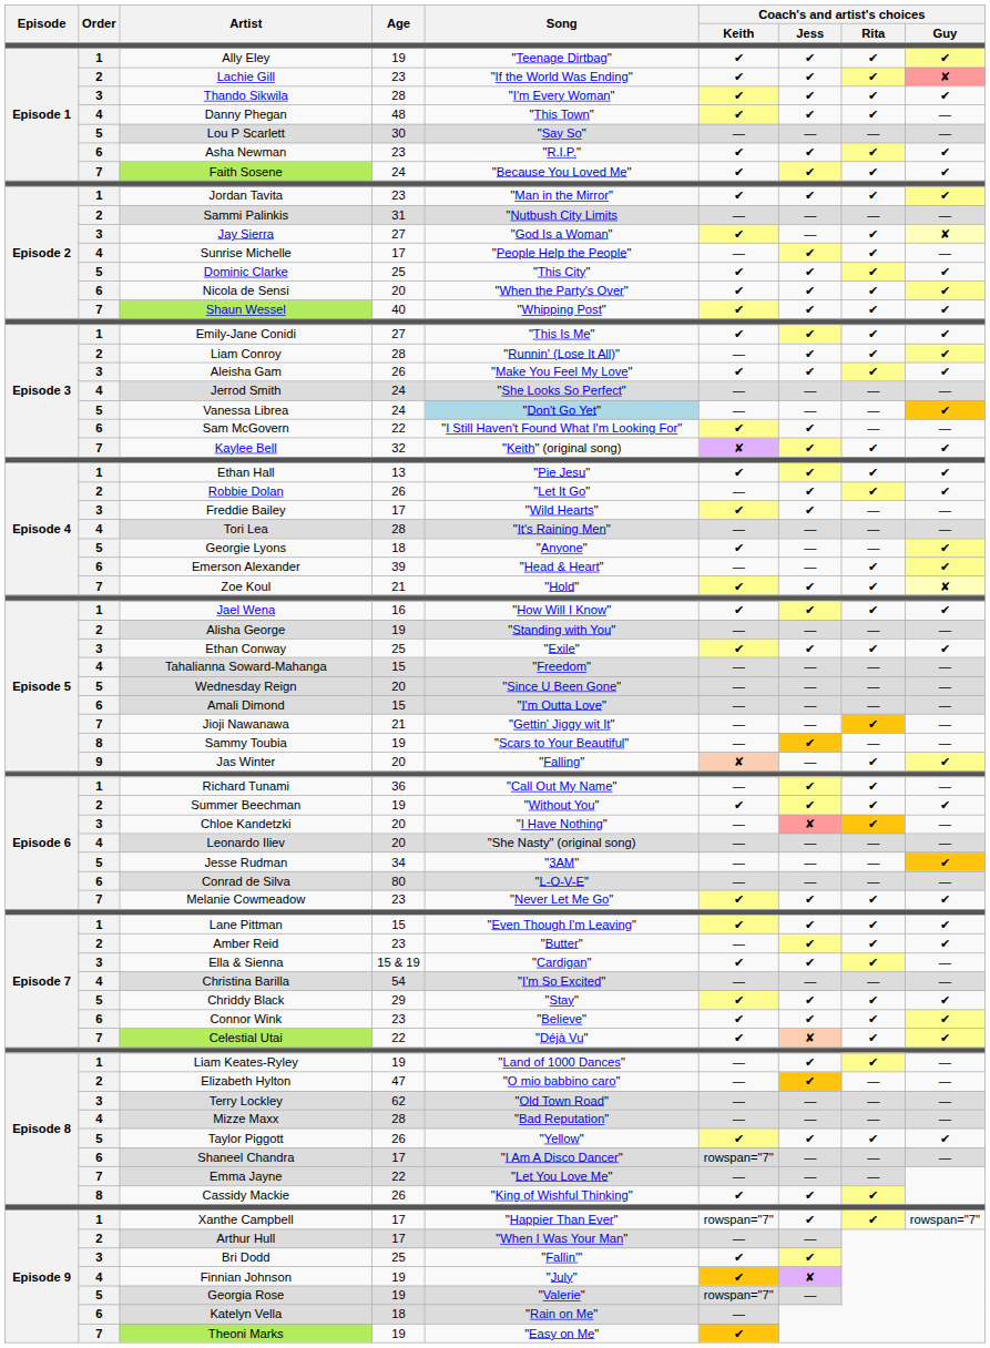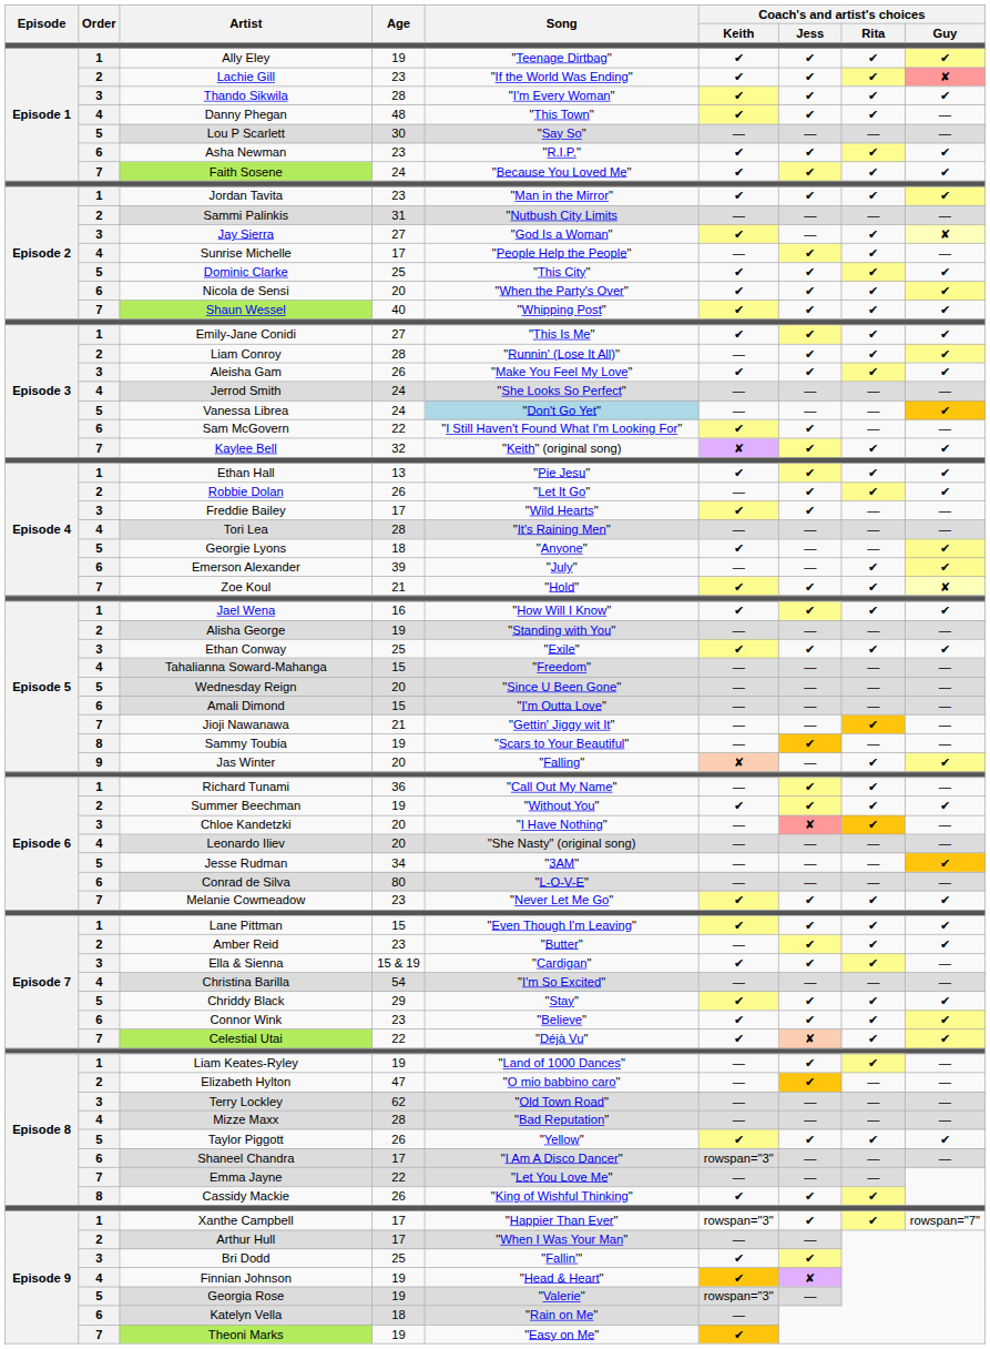 <table class="wikitable" style="text-align:center; line-height:17px; width:100%">
 <tr>
 <th rowspan="2" scope="col" style="width:07%">Episode</th>
 <th rowspan="2" scope="col" style="width:02%">Order</th>
 <th rowspan="2" scope="col" style="width:24%">Artist</th>
 <th rowspan="2" scope="col" style="width:05%">Age</th>
 <th rowspan="2" scope="col" style="width:26%">Song</th>
 <th colspan="4" scope="col" style="width:40%">Coach's and artist's choices</th>
 </tr>
 <tr>
 <th style="width:06%">Keith</th>
 <th style="width:06%">Jess</th>
 <th style="width:06%">Rita</th>
 <th style="width:06%">Guy</th>
 </tr>
 <tr>
 <td colspan="9" style="background:#555"></td>
 </tr>
 <tr>
 <th scope="row" rowspan="7">Episode 1<br></th>
 <th>1</th>
 <td>Ally Eley</td>
 <td>19</td>
 <td>"<a href='#'>Teenage Dirtbag</a>"</td>
 <td>✔</td>
 <td>✔</td>
 <td>✔</td>
 <td style="background:#FDFC8F">✔</td>
 </tr>
 <tr>
 <th>2</th>
 <td><a href='#'>Lachie Gill</a></td>
 <td>23</td>
 <td>"<a href='#'>If the World Was Ending</a>"</td>
 <td>✔</td>
 <td>✔</td>
 <td style="background:#FDFC8F">✔</td>
 <td style="background:#FF9999">✘</td>
 </tr>
 <tr>
 <th>3</th>
 <td><a href='#'>Thando Sikwila</a></td>
 <td>28</td>
 <td>"<a href='#'>I'm Every Woman</a>"</td>
 <td style="background:#FDFC8F">✔</td>
 <td>✔</td>
 <td>✔</td>
 <td>✔</td>
 </tr>
 <tr>
 <th>4</th>
 <td>Danny Phegan</td>
 <td>48</td>
 <td>"<a href='#'>This Town</a>"</td>
 <td style="background:#FDFC8F">✔</td>
 <td>✔</td>
 <td>✔</td>
 <td>—</td>
 </tr>
 <tr style="background:#DCDCDC">
 <th>5</th>
 <td>Lou P Scarlett</td>
 <td>30</td>
 <td>"<a href='#'>Say So</a>"</td>
 <td>—</td>
 <td>—</td>
 <td>—</td>
 <td>—</td>
 </tr>
 <tr>
 <th>6</th>
 <td>Asha Newman</td>
 <td>23</td>
 <td>"<a href='#'>R.I.P.</a>"</td>
 <td>✔</td>
 <td>✔</td>
 <td style="background:#FDFC8F">✔</td>
 <td>✔</td>
 </tr>
 <tr>
 <th>7</th>
 <td style="background:#B2EC5D">Faith Sosene</td>
 <td>24</td>
 <td>"<a href='#'>Because You Loved Me</a>"</td>
 <td>✔</td>
 <td style="background:#FDFC8F">✔</td>
 <td>✔</td>
 <td>✔</td>
 </tr>
 <tr>
 <td colspan="9" style="background:#555"></td>
 </tr>
 <tr>
 <th rowspan="7" scope="row">Episode 2<br></th>
 <th>1</th>
 <td>Jordan Tavita</td>
 <td>23</td>
 <td>"<a href='#'>Man in the Mirror</a>"</td>
 <td>✔</td>
 <td>✔</td>
 <td>✔</td>
 <td style="background:#FDFC8F">✔</td>
 </tr>
 <tr style="background:#DCDCDC">
 <th>2</th>
 <td>Sammi Palinkis</td>
 <td>31</td>
 <td>"<a href='#'>Nutbush City Limits</a></td>
 <td>—</td>
 <td>—</td>
 <td>—</td>
 <td>—</td>
 </tr>
 <tr>
 <th>3</th>
 <td><a href='#'>Jay Sierra</a></td>
 <td>27</td>
 <td>"<a href='#'>God Is a Woman</a>"</td>
 <td style="background:#FDFC8F">✔</td>
 <td>—</td>
 <td>✔</td>
 <td style="background:#ffffbc">✘</td>
 </tr>
 <tr>
 <th>4</th>
 <td>Sunrise Michelle</td>
 <td>17</td>
 <td>"<a href='#'>People Help the People</a>"</td>
 <td>—</td>
 <td style="background:#FDFC8F">✔</td>
 <td>✔</td>
 <td>—</td>
 </tr>
 <tr>
 <th>5</th>
 <td><a href='#'>Dominic Clarke</a></td>
 <td>25</td>
 <td>"<a href='#'>This City</a>"</td>
 <td>✔</td>
 <td>✔</td>
 <td style="background:#FDFC8F">✔</td>
 <td>✔</td>
 </tr>
 <tr>
 <th>6</th>
 <td>Nicola de Sensi</td>
 <td>20</td>
 <td>"<a href='#'>When the Party's Over</a>"</td>
 <td>✔</td>
 <td>✔</td>
 <td>✔</td>
 <td style="background:#FDFC8F">✔</td>
 </tr>
 <tr>
 <th>7</th>
 <td style="background:#B2EC5D"><a href='#'>Shaun Wessel</a></td>
 <td>40</td>
 <td>"<a href='#'>Whipping Post</a>"</td>
 <td style="background:#FDFC8F">✔</td>
 <td>✔</td>
 <td>✔</td>
 <td>✔</td>
 </tr>
 <tr>
 <td colspan="9" style="background:#555"></td>
 </tr>
 <tr>
 <th scope="row" rowspan="7">Episode 3<br></th>
 <th>1</th>
 <td>Emily-Jane Conidi</td>
 <td>27</td>
 <td>"<a href='#'>This Is Me</a>"</td>
 <td>✔</td>
 <td style="background:#FDFC8F">✔</td>
 <td>✔</td>
 <td>✔</td>
 </tr>
 <tr>
 <th>2</th>
 <td>Liam Conroy</td>
 <td>28</td>
 <td>"<a href='#'>Runnin' (Lose It All)</a>"</td>
 <td>—</td>
 <td>✔</td>
 <td>✔</td>
 <td style="background:#FDFC8F">✔</td>
 </tr>
 <tr>
 <th>3</th>
 <td>Aleisha Gam</td>
 <td>26</td>
 <td>"<a href='#'>Make You Feel My Love</a>"</td>
 <td>✔</td>
 <td>✔</td>
 <td style="background:#FDFC8F">✔</td>
 <td>✔</td>
 </tr>
 <tr style="background:#DCDCDC">
 <th>4</th>
 <td>Jerrod Smith</td>
 <td>24</td>
 <td>"<a href='#'>She Looks So Perfect</a>"</td>
 <td>—</td>
 <td>—</td>
 <td>—</td>
 <td>—</td>
 </tr>
 <tr>
 <th>5</th>
 <td>Vanessa Librea</td>
 <td>24</td>
 <td style="background: lightblue;">"<a href='#'>Don't Go Yet</a>"</td>
 <td>—</td>
 <td>—</td>
 <td>—</td>
 <td style="background:#FFC40C">✔</td>
 </tr>
 <tr>
 <th>6</th>
 <td>Sam McGovern</td>
 <td>22</td>
 <td>"<a href='#'>I Still Haven't Found What I'm Looking For</a>"</td>
 <td style="background:#FDFC8F">✔</td>
 <td>✔</td>
 <td>—</td>
 <td>—</td>
 </tr>
 <tr>
 <th>7</th>
 <td><a href='#'>Kaylee Bell</a></td>
 <td>32</td>
 <td>"<a href='#'>Keith</a>" (original song)</td>
 <td style="background:#E0B0FF">✘</td>
 <td style="background:#FDFC8F">✔</td>
 <td>✔</td>
 <td>✔</td>
 </tr>
 <tr>
 <td colspan="9" style="background:#555"></td>
 </tr>
 <tr>
 <th rowspan="7" scope="row">Episode 4<br></th>
 <th>1</th>
 <td>Ethan Hall</td>
 <td>13</td>
 <td>"<a href='#'>Pie Jesu</a>"</td>
 <td>✔</td>
 <td style="background:#FDFC8F">✔</td>
 <td>✔</td>
 <td>✔</td>
 </tr>
 <tr>
 <th>2</th>
 <td><a href='#'>Robbie Dolan</a></td>
 <td>26</td>
 <td>"<a href='#'>Let It Go</a>"</td>
 <td>—</td>
 <td>✔</td>
 <td style="background:#FDFC8F">✔</td>
 <td>✔</td>
 </tr>
 <tr>
 <th>3</th>
 <td>Freddie Bailey</td>
 <td>17</td>
 <td>"<a href='#'>Wild Hearts</a>"</td>
 <td style="background:#FDFC8F">✔</td>
 <td>✔</td>
 <td>—</td>
 <td>—</td>
 </tr>
 <tr style="background:#DCDCDC">
 <th>4</th>
 <td>Tori Lea</td>
 <td>28</td>
 <td>"<a href='#'>It's Raining Men</a>"</td>
 <td>—</td>
 <td>—</td>
 <td>—</td>
 <td>—</td>
 </tr>
 <tr>
 <th>5</th>
 <td>Georgie Lyons</td>
 <td>18</td>
 <td>"<a href='#'>Anyone</a>"</td>
 <td>✔</td>
 <td>—</td>
 <td>—</td>
 <td style="background:#FDFC8F">✔</td>
 </tr>
 <tr>
 <th>6</th>
 <td>Emerson Alexander</td>
 <td>39</td>
-<td>"<a href='#'>Head & Heart</a>"</td>
+<td>"<a href='#'>July</a>"</td>
 <td>—</td>
 <td>—</td>
 <td>✔</td>
 <td style="background:#FDFC8F">✔</td>
 </tr>
 <tr>
 <th>7</th>
 <td>Zoe Koul</td>
 <td>21</td>
 <td>"<a href='#'>Hold</a>"</td>
 <td style="background:#FDFC8F">✔</td>
 <td>✔</td>
 <td>✔</td>
 <td style="background:#ffffbc">✘</td>
 </tr>
 <tr>
 <td colspan="9" style="background:#555"></td>
 </tr>
 <tr>
 <th rowspan="9" scope="row">Episode 5<br></th>
 <th>1</th>
 <td><a href='#'>Jael Wena</a></td>
 <td>16</td>
 <td>"<a href='#'>How Will I Know</a>"</td>
 <td>✔</td>
 <td style="background:#FDFC8F">✔</td>
 <td>✔</td>
 <td>✔</td>
 </tr>
 <tr style="background:#DCDCDC">
 <th>2</th>
 <td>Alisha George</td>
 <td>19</td>
 <td>"<a href='#'>Standing with You</a>"</td>
 <td>—</td>
 <td>—</td>
 <td>—</td>
 <td>—</td>
 </tr>
 <tr>
 <th>3</th>
 <td>Ethan Conway</td>
 <td>25</td>
 <td>"<a href='#'>Exile</a>"</td>
 <td style="background:#FDFC8F">✔</td>
 <td>✔</td>
 <td>✔</td>
 <td>✔</td>
 </tr>
 <tr style="background:#DCDCDC">
 <th>4</th>
 <td>Tahalianna Soward-Mahanga</td>
 <td>15</td>
 <td>"<a href='#'>Freedom</a>"</td>
 <td>—</td>
 <td>—</td>
 <td>—</td>
 <td>—</td>
 </tr>
 <tr style="background:#DCDCDC">
 <th>5</th>
 <td>Wednesday Reign</td>
 <td>20</td>
 <td>"<a href='#'>Since U Been Gone</a>"</td>
 <td>—</td>
 <td>—</td>
 <td>—</td>
 <td>—</td>
 </tr>
 <tr style="background:#DCDCDC">
 <th>6</th>
 <td>Amali Dimond</td>
 <td>15</td>
 <td>"<a href='#'>I'm Outta Love</a>"</td>
 <td>—</td>
 <td>—</td>
 <td>—</td>
 <td>—</td>
 </tr>
 <tr>
 <th>7</th>
 <td>Jioji Nawanawa</td>
 <td>21</td>
 <td>"<a href='#'>Gettin' Jiggy wit It</a>"</td>
 <td>—</td>
 <td>—</td>
 <td style="background:#FFC40C">✔</td>
 <td>—</td>
 </tr>
 <tr>
 <th>8</th>
 <td>Sammy Toubia</td>
 <td>19</td>
 <td>"<a href='#'>Scars to Your Beautiful</a>"</td>
 <td>—</td>
 <td style="background:#FFC40C">✔</td>
 <td>—</td>
 <td>—</td>
 </tr>
 <tr>
 <th>9</th>
 <td>Jas Winter</td>
 <td>20</td>
 <td>"<a href='#'>Falling</a>"</td>
 <td style="background:#FBCEB1">✘</td>
 <td>—</td>
 <td>✔</td>
 <td style="background:#FDFC8F">✔</td>
 </tr>
 <tr>
 <td colspan="9" style="background:#555"></td>
 </tr>
 <tr>
 <th rowspan="7" scope="row">Episode 6<br></th>
 <th>1</th>
 <td>Richard Tunami</td>
 <td>36</td>
 <td>"<a href='#'>Call Out My Name</a>"</td>
 <td>—</td>
 <td style="background:#FDFC8F">✔</td>
 <td>✔</td>
 <td>—</td>
 </tr>
 <tr>
 <th>2</th>
 <td>Summer Beechman</td>
 <td>19</td>
 <td>"<a href='#'>Without You</a>"</td>
 <td>✔</td>
 <td style="background:#FDFC8F">✔</td>
 <td>✔</td>
 <td>✔</td>
 </tr>
 <tr>
 <th>3</th>
 <td>Chloe Kandetzki</td>
 <td>20</td>
 <td>"<a href='#'>I Have Nothing</a>"</td>
 <td>—</td>
 <td style="background:#FF9999">✘</td>
 <td style="background:#FFC40C">✔</td>
 <td>—</td>
 </tr>
 <tr style="background:#DCDCDC">
 <th>4</th>
 <td>Leonardo Iliev</td>
 <td>20</td>
 <td>"She Nasty" (original song)</td>
 <td>—</td>
 <td>—</td>
 <td>—</td>
 <td>—</td>
 </tr>
 <tr>
 <th>5</th>
 <td>Jesse Rudman</td>
 <td>34</td>
 <td>"<a href='#'>3AM</a>"</td>
 <td>—</td>
 <td>—</td>
 <td>—</td>
 <td style="background:#FFC40C">✔</td>
 </tr>
 <tr style="background:#DCDCDC">
 <th>6</th>
 <td>Conrad de Silva</td>
 <td>80</td>
 <td>"<a href='#'>L-O-V-E</a>"</td>
 <td>—</td>
 <td>—</td>
 <td>—</td>
 <td>—</td>
 </tr>
 <tr>
 <th>7</th>
 <td>Melanie Cowmeadow</td>
 <td>23</td>
 <td>"<a href='#'>Never Let Me Go</a>"</td>
 <td style="background:#FDFC8F">✔</td>
 <td>✔</td>
 <td>✔</td>
 <td>✔</td>
 </tr>
 <tr>
 <td colspan="9" style="background:#555"></td>
 </tr>
 <tr>
 <th rowspan="7" scope="row">Episode 7<br></th>
 <th>1</th>
 <td>Lane Pittman</td>
 <td>15</td>
 <td>"<a href='#'>Even Though I'm Leaving</a>"</td>
 <td style="background:#FDFC8F">✔</td>
 <td>✔</td>
 <td>✔</td>
 <td>✔</td>
 </tr>
 <tr>
 <th>2</th>
 <td>Amber Reid</td>
 <td>23</td>
 <td>"<a href='#'>Butter</a>"</td>
 <td>—</td>
 <td style="background:#FDFC8F">✔</td>
 <td>✔</td>
 <td>✔</td>
 </tr>
 <tr>
 <th>3</th>
 <td>Ella & Sienna</td>
 <td>15 & 19</td>
 <td>"<a href='#'>Cardigan</a>"</td>
 <td>✔</td>
 <td>✔</td>
 <td style="background:#FDFC8F">✔</td>
 <td>—</td>
 </tr>
 <tr style="background:#DCDCDC">
 <th>4</th>
 <td>Christina Barilla</td>
 <td>54</td>
 <td>"<a href='#'>I'm So Excited</a>"</td>
 <td>—</td>
 <td>—</td>
 <td>—</td>
 <td>—</td>
 </tr>
 <tr>
 <th>5</th>
 <td>Chriddy Black</td>
 <td>29</td>
 <td>"<a href='#'>Stay</a>"</td>
 <td style="background:#FDFC8F">✔</td>
 <td>✔</td>
 <td>✔</td>
 <td>✔</td>
 </tr>
 <tr>
 <th>6</th>
 <td>Connor Wink</td>
 <td>23</td>
 <td>"<a href='#'>Believe</a>"</td>
 <td>✔</td>
 <td>✔</td>
 <td>✔</td>
 <td style="background:#FDFC8F">✔</td>
 </tr>
 <tr>
 <th>7</th>
 <td style="background:#B2EC5D">Celestial Utai</td>
 <td>22</td>
 <td>"<a href='#'>Déjà Vu</a>"</td>
 <td>✔</td>
 <td style="background:#FBCEB1">✘</td>
 <td>✔</td>
 <td style="background:#FDFC8F">✔</td>
 </tr>
 <tr>
 <td colspan="9" style="background:#555"></td>
 </tr>
 <tr>
 <th rowspan="8" scope="row">Episode 8<br></th>
 <th>1</th>
 <td>Liam Keates-Ryley</td>
 <td>19</td>
 <td>"<a href='#'>Land of 1000 Dances</a>"</td>
 <td>—</td>
 <td>✔</td>
 <td style="background:#FDFC8F">✔</td>
 <td>—</td>
 </tr>
 <tr>
 <th>2</th>
 <td>Elizabeth Hylton</td>
 <td>47</td>
 <td>"<a href='#'>O mio babbino caro</a>"</td>
 <td>—</td>
 <td — style="background:#FFC40C">✔</td>
 <td>—</td>
 <td>—</td>
 </tr>
 <tr style="background:#DCDCDC">
 <th>3</th>
 <td>Terry Lockley</td>
 <td>62</td>
 <td>"<a href='#'>Old Town Road</a>"</td>
 <td>—</td>
 <td>—</td>
 <td>—</td>
 <td>—</td>
 </tr>
 <tr style="background:#DCDCDC">
 <th>4</th>
 <td>Mizze Maxx</td>
 <td>28</td>
 <td>"<a href='#'>Bad Reputation</a>"</td>
 <td>—</td>
 <td>—</td>
 <td>—</td>
 <td>—</td>
 </tr>
 <tr>
 <th>5</th>
 <td>Taylor Piggott</td>
 <td>26</td>
 <td>"<a href='#'>Yellow</a>"</td>
 <td style="background:#FDFC8F">✔</td>
 <td>✔</td>
 <td>✔</td>
 <td>✔</td>
 </tr>
 <tr style="background:#DCDCDC">
 <th>6</th>
 <td>Shaneel Chandra</td>
 <td>17</td>
 <td>"<a href='#'>I Am A Disco Dancer</a>"</td>
-<td>rowspan="7" </td>
+<td>rowspan="3" </td>
 <td>—</td>
 <td>—</td>
 <td>—</td>
 </tr>
 <tr style="background:#DCDCDC">
 <th>7</th>
 <td>Emma Jayne</td>
 <td>22</td>
 <td>"<a href='#'>Let You Love Me</a>"</td>
 <td>—</td>
 <td>—</td>
 <td>—</td>
 </tr>
 <tr>
 <th>8</th>
 <td>Cassidy Mackie</td>
 <td>26</td>
 <td>"<a href='#'>King of Wishful Thinking</a>"</td>
 <td>✔</td>
 <td>✔</td>
 <td style="background:#FDFC8F">✔</td>
 </tr>
 <tr>
 <td colspan="9" style="background:#555"></td>
 </tr>
 <tr>
 <th rowspan="7" scope="row">Episode 9<br></th>
 <th>1</th>
 <td>Xanthe Campbell</td>
 <td>17</td>
 <td>"<a href='#'>Happier Than Ever</a>"</td>
-<td>rowspan="7" </td>
+<td>rowspan="3" </td>
 <td>✔</td>
 <td style="background:#FDFC8F">✔</td>
 <td>rowspan="7" </td>
 </tr>
 <tr style="background:#DCDCDC">
 <th>2</th>
 <td>Arthur Hull</td>
 <td>17</td>
 <td>"<a href='#'>When I Was Your Man</a>"</td>
 <td>—</td>
 <td>—</td>
 </tr>
 <tr>
 <th>3</th>
 <td>Bri Dodd</td>
 <td>25</td>
 <td>"<a href='#'>Fallin'</a>"</td>
 <td>✔</td>
 <td style="background:#FDFC8F">✔</td>
 </tr>
 <tr>
 <th>4</th>
 <td>Finnian Johnson</td>
 <td>19</td>
-<td>"<a href='#'>July</a>"</td>
+<td>"<a href='#'>Head & Heart</a>"</td>
 <td style="background:#FFC40C">✔</td>
 <td style="background:#E0B0FF">✘</td>
 </tr>
 <tr style="background:#DCDCDC">
 <th>5</th>
 <td>Georgia Rose</td>
 <td>19</td>
 <td>"<a href='#'>Valerie</a>"</td>
-<td>rowspan="7" </td>
+<td>rowspan="3" </td>
 <td>—</td>
 </tr>
 <tr style="background:#DCDCDC">
 <th>6</th>
 <td>Katelyn Vella</td>
 <td>18</td>
 <td>"<a href='#'>Rain on Me</a>"</td>
 <td>—</td>
 </tr>
 <tr>
 <th>7</th>
 <td style="background:#B2EC5D">Theoni Marks</td>
 <td>19</td>
 <td>"<a href='#'>Easy on Me</a>"</td>
 <td style="background:#FFC40C">✔</td>
 </tr>
 </table>
